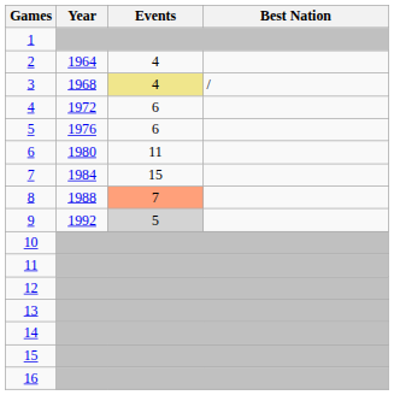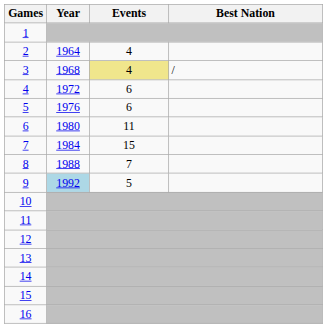 <table class=wikitable>
 <tr>
 <th width=50>Games</th>
 <th width=50>Year</th>
 <th width=100>Events</th>
 <th width=200>Best Nation</th>
 </tr>
 <tr>
 <td align=center><a href='#'>1</a></td>
 <td colspan=4 bgcolor=silver></td>
 </tr>
 <tr>
 <td align=center><a href='#'>2</a></td>
 <td align=center><a href='#'>1964</a></td>
 <td align=center>4</td>
 <td></td>
 </tr>
 <tr>
 <td align=center><a href='#'>3</a></td>
 <td align=center><a href='#'>1968</a></td>
 <td align=center style="background: khaki;">4</td>
 <td> / </td>
 </tr>
 <tr>
 <td align=center><a href='#'>4</a></td>
 <td align=center><a href='#'>1972</a></td>
 <td align=center>6</td>
 <td></td>
 </tr>
 <tr>
 <td align=center><a href='#'>5</a></td>
 <td align=center><a href='#'>1976</a></td>
 <td align=center>6</td>
 <td></td>
 </tr>
 <tr>
 <td align=center><a href='#'>6</a></td>
 <td align=center><a href='#'>1980</a></td>
 <td align=center>11</td>
 <td></td>
 </tr>
 <tr>
 <td align=center><a href='#'>7</a></td>
 <td align=center><a href='#'>1984</a></td>
 <td align=center>15</td>
 <td></td>
 </tr>
 <tr>
 <td align=center><a href='#'>8</a></td>
 <td align=center><a href='#'>1988</a></td>
-<td align=center style="background: lightsalmon;">7</td>
+<td align=center>7</td>
 <td></td>
 </tr>
 <tr>
 <td align=center><a href='#'>9</a></td>
-<td align=center><a href='#'>1992</a></td>
-<td align=center style="background: lightgrey;">5</td>
+<td align=center style="background: lightblue;"><a href='#'>1992</a></td>
+<td align=center>5</td>
 <td></td>
 </tr>
 <tr>
 <td align=center><a href='#'>10</a></td>
 <td colspan=4 bgcolor=silver></td>
 </tr>
 <tr>
 <td align=center><a href='#'>11</a></td>
 <td colspan=4 bgcolor=silver></td>
 </tr>
 <tr>
 <td align=center><a href='#'>12</a></td>
 <td colspan=4 bgcolor=silver></td>
 </tr>
 <tr>
 <td align=center><a href='#'>13</a></td>
 <td colspan=4 bgcolor=silver></td>
 </tr>
 <tr>
 <td align=center><a href='#'>14</a></td>
 <td colspan=4 bgcolor=silver></td>
 </tr>
 <tr>
 <td align=center><a href='#'>15</a></td>
 <td colspan=4 bgcolor=silver></td>
 </tr>
 <tr>
 <td align=center><a href='#'>16</a></td>
 <td colspan=4 bgcolor=silver></td>
 </tr>
 </table>
